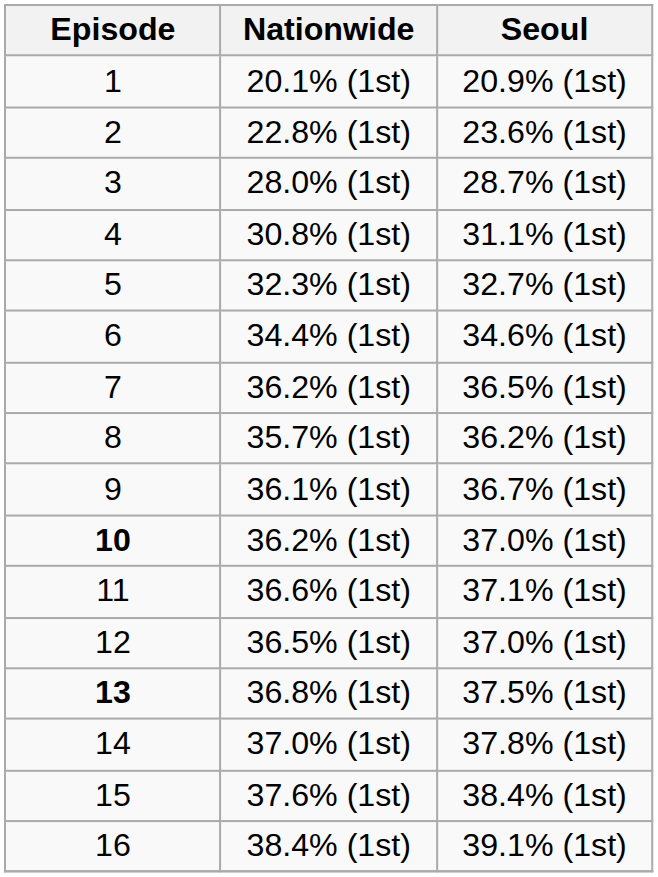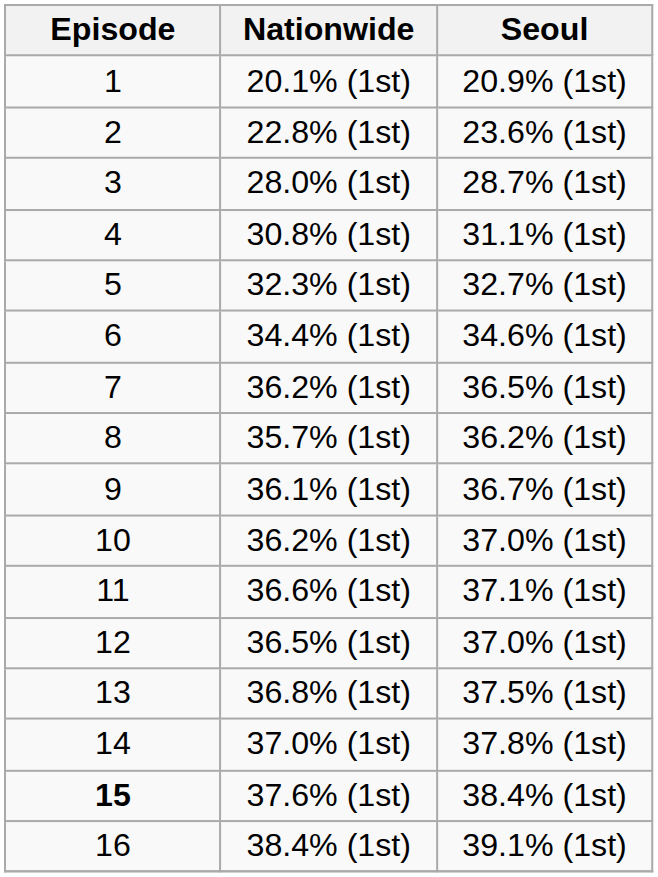 <table class="wikitable">
 <tr>
 <th width=100>Episode</th>
 <th width=100>Nationwide</th>
 <th width=100>Seoul</th>
 </tr>
 <tr align=center>
 <td>1</td>
 <td>20.1% (1st)</td>
 <td>20.9% (1st)</td>
 </tr>
 <tr align=center>
 <td>2</td>
 <td>22.8% (1st)</td>
 <td>23.6% (1st)</td>
 </tr>
 <tr align=center>
 <td>3</td>
 <td>28.0% (1st)</td>
 <td>28.7% (1st)</td>
 </tr>
 <tr align=center>
 <td>4</td>
 <td>30.8% (1st)</td>
 <td>31.1% (1st)</td>
 </tr>
 <tr align=center>
 <td>5</td>
 <td>32.3% (1st)</td>
 <td>32.7% (1st)</td>
 </tr>
 <tr align=center>
 <td>6</td>
 <td>34.4% (1st)</td>
 <td>34.6% (1st)</td>
 </tr>
 <tr align=center>
 <td>7</td>
 <td>36.2% (1st)</td>
 <td>36.5% (1st)</td>
 </tr>
 <tr align=center>
 <td>8</td>
 <td>35.7% (1st)</td>
 <td>36.2% (1st)</td>
 </tr>
 <tr align=center>
 <td>9</td>
 <td>36.1% (1st)</td>
 <td>36.7% (1st)</td>
 </tr>
 <tr align=center>
-<td><strong>10</strong></td>
+<td>10</td>
 <td>36.2% (1st)</td>
 <td>37.0% (1st)</td>
 </tr>
 <tr align=center>
 <td>11</td>
 <td>36.6% (1st)</td>
 <td>37.1% (1st)</td>
 </tr>
 <tr align=center>
 <td>12</td>
 <td>36.5% (1st)</td>
 <td>37.0% (1st)</td>
 </tr>
 <tr align=center>
-<td><strong>13</strong></td>
+<td>13</td>
 <td>36.8% (1st)</td>
 <td>37.5% (1st)</td>
 </tr>
 <tr align=center>
 <td>14</td>
 <td>37.0% (1st)</td>
 <td>37.8% (1st)</td>
 </tr>
 <tr align=center>
-<td>15</td>
+<td><strong>15</strong></td>
 <td>37.6% (1st)</td>
 <td>38.4% (1st)</td>
 </tr>
 <tr align=center>
 <td>16</td>
 <td>38.4% (1st)</td>
 <td>39.1% (1st)</td>
 </tr>
 <tr align="center">
 </tr>
 </table>
